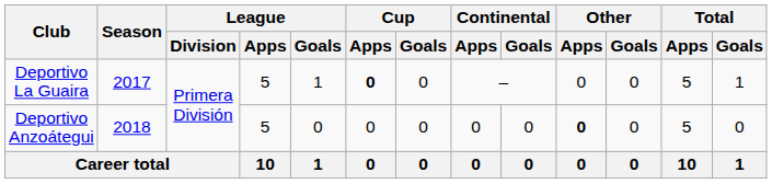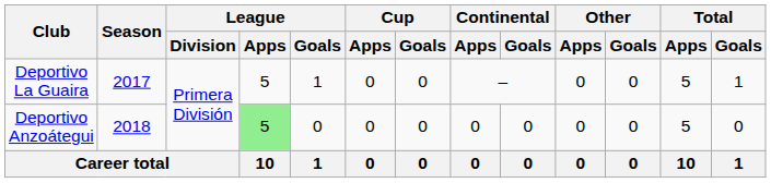 <table class="wikitable" style="text-align: center">
 <tr>
 <th rowspan="2">Club</th>
 <th rowspan="2">Season</th>
 <th colspan="3">League</th>
 <th colspan="2">Cup</th>
 <th colspan="2">Continental</th>
 <th colspan="2">Other</th>
 <th colspan="2">Total</th>
 </tr>
 <tr>
 <th>Division</th>
 <th>Apps</th>
 <th>Goals</th>
 <th>Apps</th>
 <th>Goals</th>
 <th>Apps</th>
 <th>Goals</th>
 <th>Apps</th>
 <th>Goals</th>
 <th>Apps</th>
 <th>Goals</th>
 </tr>
 <tr>
 <td><a href='#'>Deportivo La Guaira</a></td>
 <td><a href='#'>2017</a></td>
 <td rowspan="2"><a href='#'>Primera División</a></td>
 <td>5</td>
 <td>1</td>
-<td><strong>0</strong></td>
+<td>0</td>
 <td>0</td>
 <td colspan="2">–</td>
 <td>0</td>
 <td>0</td>
 <td>5</td>
 <td>1</td>
 </tr>
 <tr>
 <td><a href='#'>Deportivo Anzoátegui</a></td>
 <td><a href='#'>2018</a></td>
-<td>5</td>
+<td style="background: lightgreen;">5</td>
 <td>0</td>
 <td>0</td>
 <td>0</td>
 <td>0</td>
 <td>0</td>
-<td><strong>0</strong></td>
+<td>0</td>
 <td>0</td>
 <td>5</td>
 <td>0</td>
 </tr>
 <tr>
 <th colspan="3"><strong>Career total</strong></th>
 <th>10</th>
 <th>1</th>
 <th>0</th>
 <th>0</th>
 <th>0</th>
 <th>0</th>
 <th>0</th>
 <th>0</th>
 <th>10</th>
 <th>1</th>
 </tr>
 </table>
